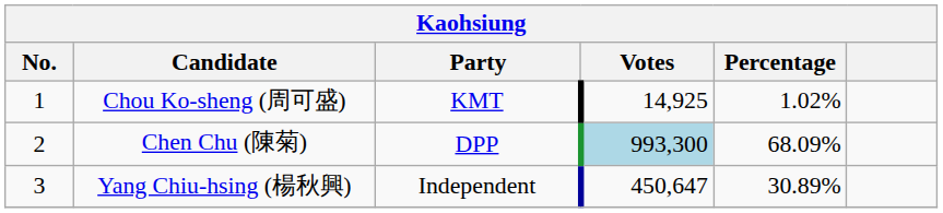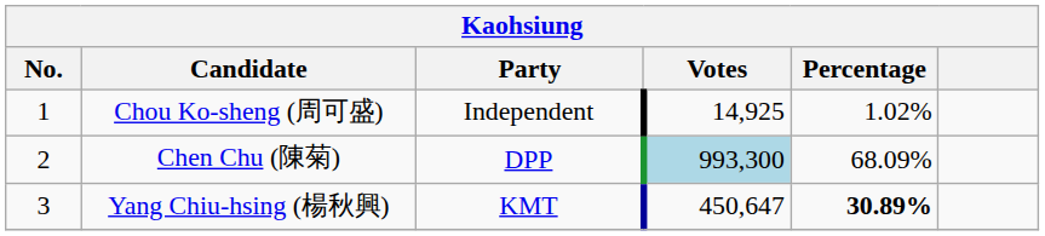 <table class="wikitable collapsible" style="text-align:center">
 <tr>
 <th colspan="7" width=620px><a href='#'>Kaohsiung</a></th>
 </tr>
 <tr>
 <th width=35>No.</th>
 <th width=180>Candidate</th>
 <th width=120>Party</th>
 <th width=75>Votes</th>
 <th width=75>Percentage</th>
 <th width=49></th>
 </tr>
 <tr>
 <td>1</td>
 <td><a href='#'>Chou Ko-sheng</a> (周可盛)</td>
-<td><a href='#'>KMT</a></td>
+<td>Independent</td>
 <td style="border-left:4px solid #000000;" align="right">14,925</td>
 <td align="right">1.02%</td>
 <td align="center"></td>
 </tr>
 <tr>
 <td>2</td>
 <td><a href='#'>Chen Chu</a> (陳菊)</td>
 <td><a href='#'>DPP</a></td>
 <td style="background: lightblue; border-left:4px solid #1B9431;" align="right">993,300</td>
 <td align="right">68.09%</td>
 <td><div></div></td>
 </tr>
 <tr>
 <td>3</td>
 <td><a href='#'>Yang Chiu-hsing</a> (楊秋興)</td>
-<td>Independent</td>
+<td><a href='#'>KMT</a></td>
 <td style="border-left:4px solid #000099;" align="right">450,647</td>
-<td align="right">30.89%</td>
+<td align="right"><strong>30.89%</strong></td>
 <td align="center"></td>
 </tr>
 <tr bgcolor=EEEEEE>
 </tr>
 </table>
